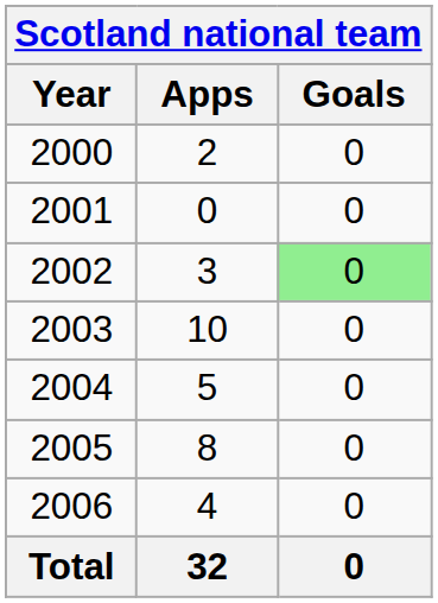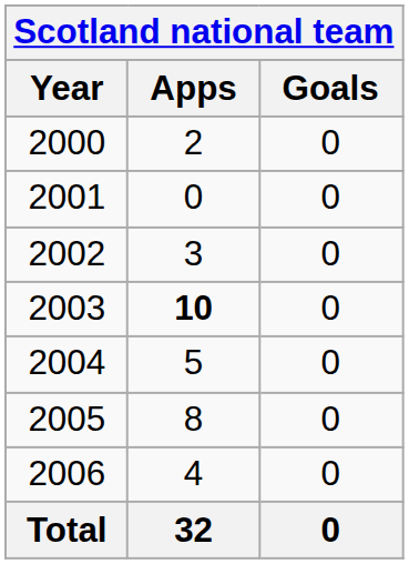 <table class="wikitable" style="text-align:center">
 <tr>
 <th colspan=3><a href='#'>Scotland national team</a></th>
 </tr>
 <tr>
 <th>Year</th>
 <th>Apps</th>
 <th>Goals</th>
 </tr>
 <tr>
 <td>2000</td>
 <td>2</td>
 <td>0</td>
 </tr>
 <tr>
 <td>2001</td>
 <td>0</td>
 <td>0</td>
 </tr>
 <tr>
 <td>2002</td>
 <td>3</td>
-<td style="background: lightgreen;">0</td>
+<td>0</td>
 </tr>
 <tr>
 <td>2003</td>
-<td>10</td>
+<td><strong>10</strong></td>
 <td>0</td>
 </tr>
 <tr>
 <td>2004</td>
 <td>5</td>
 <td>0</td>
 </tr>
 <tr>
 <td>2005</td>
 <td>8</td>
 <td>0</td>
 </tr>
 <tr>
 <td>2006</td>
 <td>4</td>
 <td>0</td>
 </tr>
 <tr>
 <th>Total</th>
 <th>32</th>
 <th>0</th>
 </tr>
 </table>
